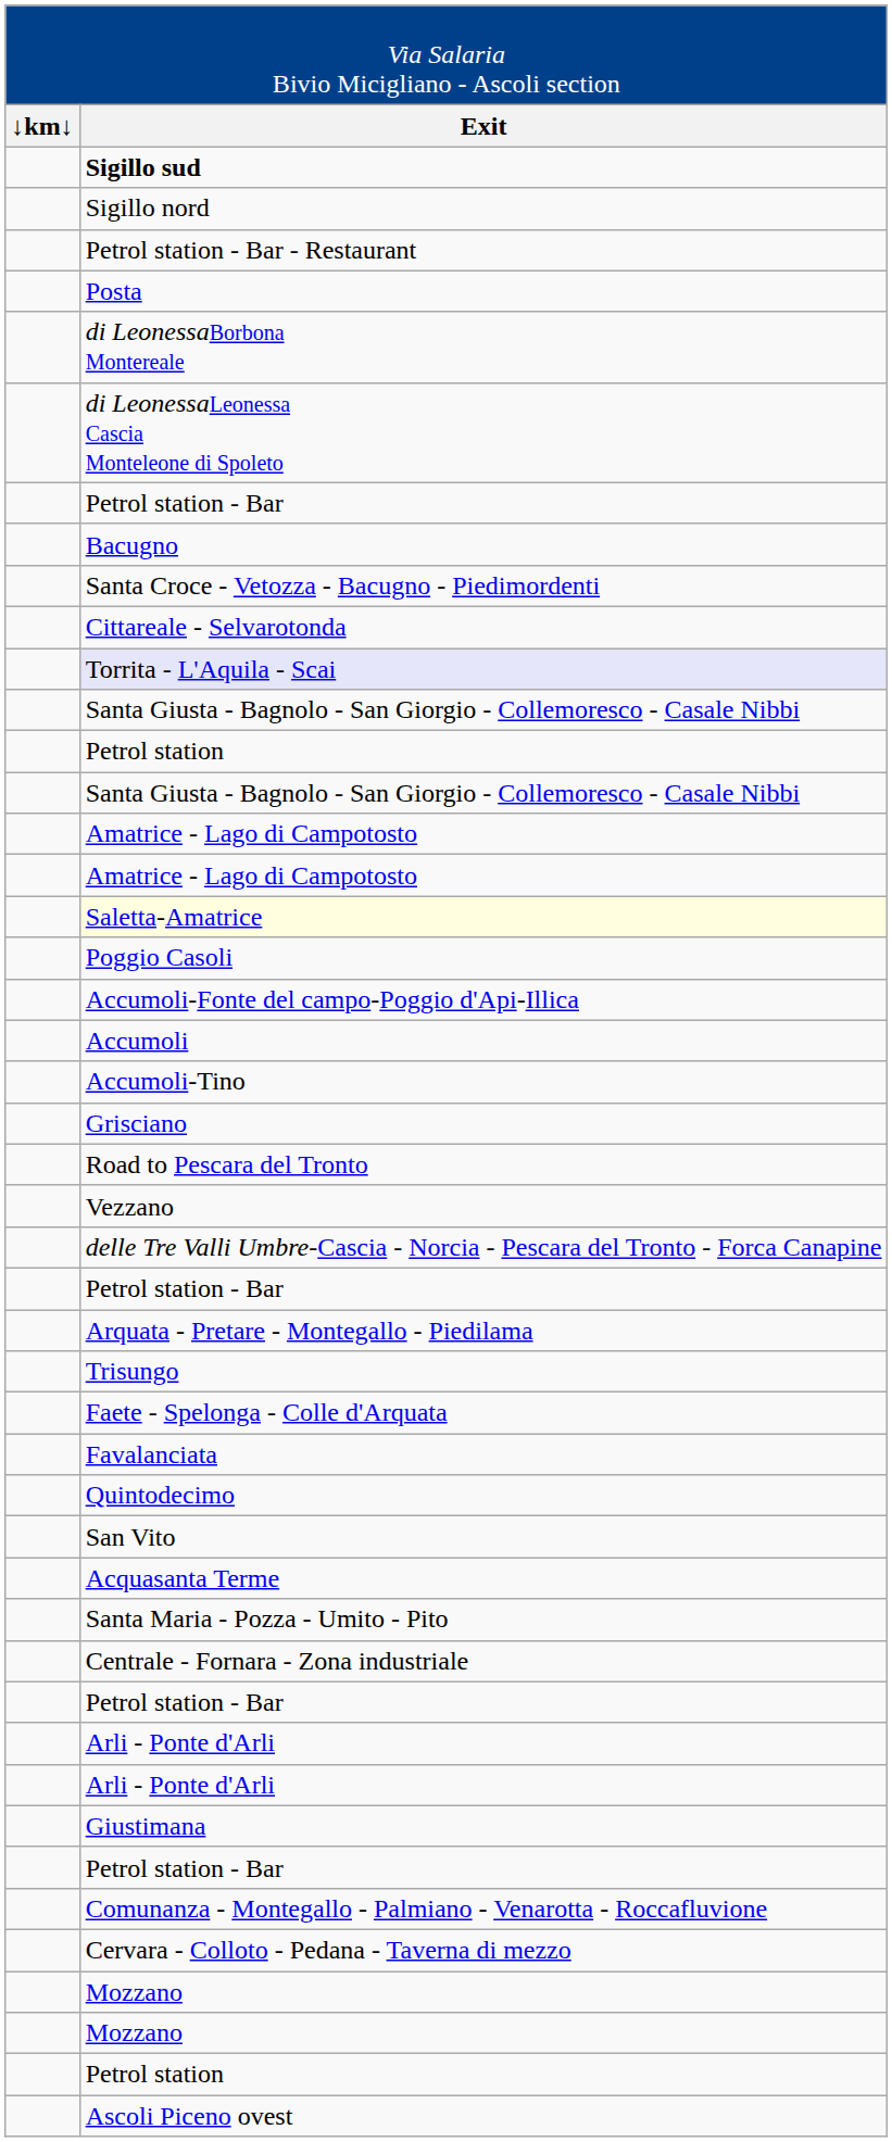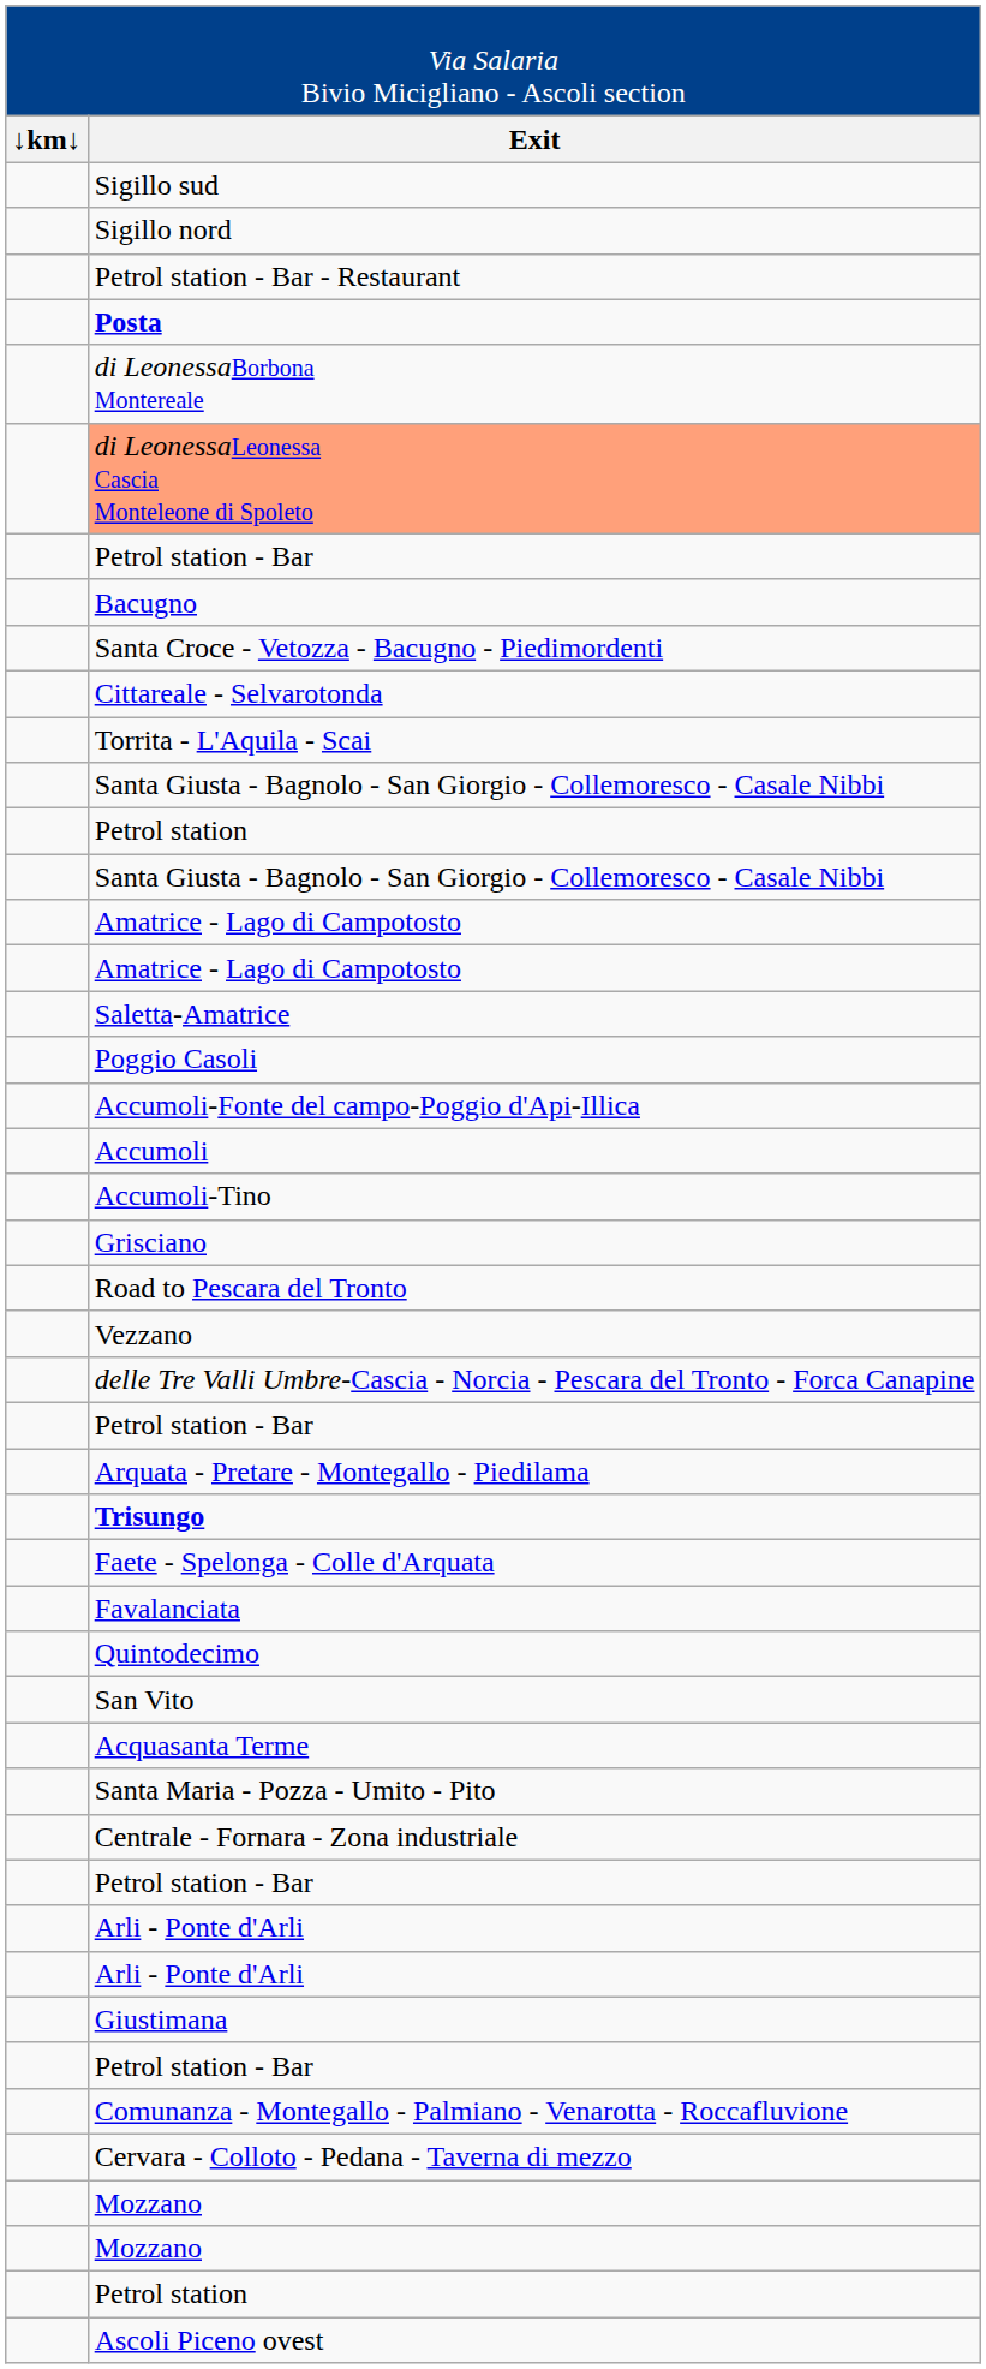 <table class="wikitable">
 <tr align="center" bgcolor="00408B" style="color: white;font-size:100%;">
 <td colspan="6"><br><em>Via Salaria</em><br>Bivio Micigliano - Ascoli section</td>
 </tr>
 <tr>
 <th style="text-align:center;"><strong>↓km↓</strong></th>
 <th align="center"><strong>Exit</strong></th>
 </tr>
 <tr>
 <td><br> </td>
-<td><strong>Sigillo sud</strong></td>
+<td>Sigillo sud</td>
 </tr>
 <tr>
 <td> </td>
 <td>Sigillo nord</td>
 </tr>
 <tr>
 <td> </td>
 <td>Petrol station - Bar - Restaurant</td>
 </tr>
 <tr>
 <td> </td>
-<td><a href='#'>Posta</a></td>
+<td><strong><a href='#'>Posta</a></strong></td>
 </tr>
 <tr>
 <td> </td>
 <td> <em>di Leonessa</em><small><a href='#'>Borbona</a><br><a href='#'>Montereale</a></small></td>
 </tr>
 <tr>
 <td> </td>
-<td> <em>di Leonessa</em><small><a href='#'>Leonessa</a><br><a href='#'>Cascia</a><br><a href='#'>Monteleone di Spoleto</a></small></td>
+<td style="background: lightsalmon;"> <em>di Leonessa</em><small><a href='#'>Leonessa</a><br><a href='#'>Cascia</a><br><a href='#'>Monteleone di Spoleto</a></small></td>
 </tr>
 <tr>
 <td>  </td>
 <td>Petrol station - Bar</td>
 </tr>
 <tr>
 <td> </td>
 <td><a href='#'>Bacugno</a></td>
 </tr>
 <tr>
 <td> </td>
 <td>Santa Croce - <a href='#'>Vetozza</a> - <a href='#'>Bacugno</a> - <a href='#'>Piedimordenti</a></td>
 </tr>
 <tr>
 <td> </td>
 <td><a href='#'>Cittareale</a> - <a href='#'>Selvarotonda</a></td>
 </tr>
 <tr>
 <td> </td>
-<td style="background: lavender;">Torrita - <a href='#'>L'Aquila</a> - <a href='#'>Scai</a></td>
+<td>Torrita - <a href='#'>L'Aquila</a> - <a href='#'>Scai</a></td>
 </tr>
 <tr>
 <td> </td>
 <td>Santa Giusta - Bagnolo - San Giorgio - <a href='#'>Collemoresco</a> - <a href='#'>Casale Nibbi</a></td>
 </tr>
 <tr>
 <td> </td>
 <td>Petrol station</td>
 </tr>
 <tr>
 <td> </td>
 <td>Santa Giusta - Bagnolo - San Giorgio - <a href='#'>Collemoresco</a> - <a href='#'>Casale Nibbi</a></td>
 </tr>
 <tr>
 <td> </td>
 <td><a href='#'>Amatrice</a> - <a href='#'>Lago di Campotosto</a></td>
 </tr>
 <tr>
 <td> </td>
 <td><a href='#'>Amatrice</a> - <a href='#'>Lago di Campotosto</a></td>
 </tr>
 <tr>
 <td> </td>
-<td style="background: lightyellow;"><a href='#'>Saletta</a>-<a href='#'>Amatrice</a></td>
+<td><a href='#'>Saletta</a>-<a href='#'>Amatrice</a></td>
 </tr>
 <tr>
 <td> </td>
 <td><a href='#'>Poggio Casoli</a></td>
 </tr>
 <tr>
 <td> </td>
 <td><a href='#'>Accumoli</a>-<a href='#'>Fonte del campo</a>-<a href='#'>Poggio d'Api</a>-<a href='#'>Illica</a></td>
 </tr>
 <tr>
 <td> </td>
 <td><a href='#'>Accumoli</a></td>
 </tr>
 <tr>
 <td> </td>
 <td><a href='#'>Accumoli</a>-Tino</td>
 </tr>
 <tr>
 <td> </td>
 <td><a href='#'>Grisciano</a></td>
 </tr>
 <tr>
 <td> </td>
 <td>Road to <a href='#'>Pescara del Tronto</a></td>
 </tr>
 <tr>
 <td> </td>
 <td>Vezzano</td>
 </tr>
 <tr>
 <td> </td>
 <td> <em>delle Tre Valli Umbre</em>-<a href='#'>Cascia</a> - <a href='#'>Norcia</a> - <a href='#'>Pescara del Tronto</a> - <a href='#'>Forca Canapine</a></td>
 </tr>
 <tr>
 <td>  </td>
 <td>Petrol station - Bar</td>
 </tr>
 <tr>
 <td> </td>
 <td><a href='#'>Arquata</a> - <a href='#'>Pretare</a> - <a href='#'>Montegallo</a> - <a href='#'>Piedilama</a></td>
 </tr>
 <tr>
 <td> </td>
-<td><a href='#'>Trisungo</a></td>
+<td><strong><a href='#'>Trisungo</a></strong></td>
 </tr>
 <tr>
 <td> </td>
 <td><a href='#'>Faete</a> - <a href='#'>Spelonga</a> - <a href='#'>Colle d'Arquata</a></td>
 </tr>
 <tr>
 <td> </td>
 <td><a href='#'>Favalanciata</a></td>
 </tr>
 <tr>
 <td> </td>
 <td><a href='#'>Quintodecimo</a></td>
 </tr>
 <tr>
 <td> </td>
 <td>San Vito</td>
 </tr>
 <tr>
 <td> </td>
 <td><a href='#'>Acquasanta Terme</a></td>
 </tr>
 <tr>
 <td> </td>
 <td>Santa Maria - Pozza - Umito - Pito</td>
 </tr>
 <tr>
 <td> </td>
 <td>Centrale - Fornara - Zona industriale</td>
 </tr>
 <tr>
 <td>  </td>
 <td>Petrol station - Bar</td>
 </tr>
 <tr>
 <td> </td>
 <td><a href='#'>Arli</a> - <a href='#'>Ponte d'Arli</a></td>
 </tr>
 <tr>
 <td> </td>
 <td><a href='#'>Arli</a> - <a href='#'>Ponte d'Arli</a></td>
 </tr>
 <tr>
 <td> </td>
 <td><a href='#'>Giustimana</a></td>
 </tr>
 <tr>
 <td>  </td>
 <td>Petrol station - Bar</td>
 </tr>
 <tr>
 <td> </td>
 <td><a href='#'>Comunanza</a> - <a href='#'>Montegallo</a> - <a href='#'>Palmiano</a> - <a href='#'>Venarotta</a> - <a href='#'>Roccafluvione</a></td>
 </tr>
 <tr>
 <td> </td>
 <td>Cervara - <a href='#'>Colloto</a> - Pedana - <a href='#'>Taverna di mezzo</a></td>
 </tr>
 <tr>
 <td> </td>
 <td><a href='#'>Mozzano</a></td>
 </tr>
 <tr>
 <td> </td>
 <td><a href='#'>Mozzano</a></td>
 </tr>
 <tr>
 <td> </td>
 <td>Petrol station</td>
 </tr>
 <tr>
 <td> </td>
 <td><a href='#'>Ascoli Piceno</a> ovest<br></td>
 </tr>
 </table>
